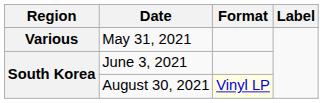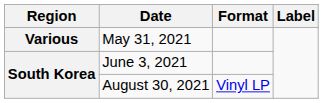 <table class="wikitable plainrowheaders">
 <tr>
 <th scope="col">Region</th>
 <th scope="col">Date</th>
 <th scope="col">Format</th>
 <th scope="col">Label</th>
 </tr>
 <tr>
 <th scope="row">Various</th>
 <td>May 31, 2021</td>
 <td></td>
 <td rowspan="3"></td>
 </tr>
 <tr>
 <th scope="row" rowspan="2">South Korea</th>
 <td>June 3, 2021</td>
 <td></td>
 </tr>
 <tr>
 <td>August 30, 2021</td>
-<td style="background: lightyellow;"><a href='#'>Vinyl LP</a></td>
+<td><a href='#'>Vinyl LP</a></td>
 </tr>
 </table>
